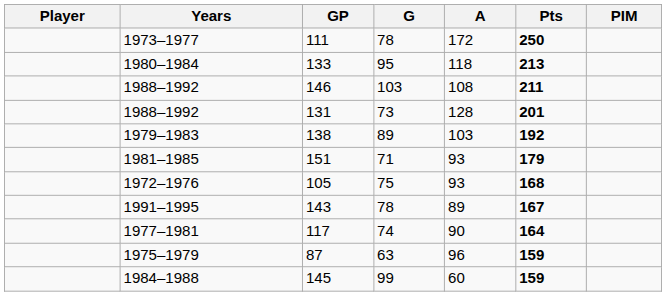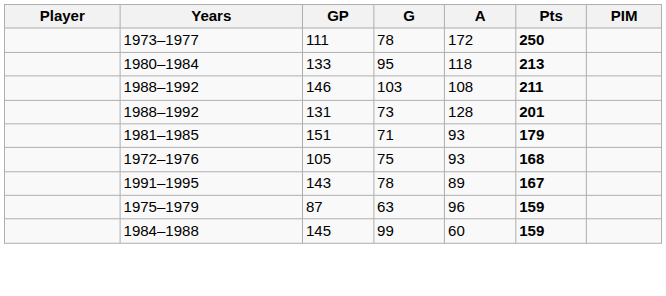 <table class="wikitable sortable" width ="700" cellpadding="1" border="1" cellspacing="0">
 <tr>
 <th>Player</th>
 <th>Years</th>
 <th>GP</th>
 <th>G</th>
 <th>A</th>
 <th>Pts</th>
 <th>PIM</th>
 </tr>
 <tr>
 <td></td>
 <td>1973–1977</td>
 <td>111</td>
 <td>78</td>
 <td>172</td>
 <td><strong>250</strong></td>
 <td></td>
 </tr>
 <tr>
 <td></td>
 <td>1980–1984</td>
 <td>133</td>
 <td>95</td>
 <td>118</td>
 <td><strong>213</strong></td>
 <td></td>
 </tr>
 <tr>
 <td></td>
 <td>1988–1992</td>
 <td>146</td>
 <td>103</td>
 <td>108</td>
 <td><strong>211</strong></td>
 <td></td>
 </tr>
 <tr>
 <td></td>
 <td>1988–1992</td>
 <td>131</td>
 <td>73</td>
 <td>128</td>
 <td><strong>201</strong></td>
 <td></td>
 </tr>
 <tr>
 <td></td>
-<td>1979–1983</td>
-<td>138</td>
-<td>89</td>
-<td>103</td>
-<td><strong>192</strong></td>
-<td></td>
-</tr>
-<tr>
-<td></td>
 <td>1981–1985</td>
 <td>151</td>
 <td>71</td>
 <td>93</td>
 <td><strong>179</strong></td>
 <td></td>
 </tr>
 <tr>
 <td></td>
 <td>1972–1976</td>
 <td>105</td>
 <td>75</td>
 <td>93</td>
 <td><strong>168</strong></td>
 <td></td>
 </tr>
 <tr>
 <td></td>
 <td>1991–1995</td>
 <td>143</td>
 <td>78</td>
 <td>89</td>
 <td><strong>167</strong></td>
 <td></td>
 </tr>
 <tr>
 <td></td>
-<td>1977–1981</td>
-<td>117</td>
-<td>74</td>
-<td>90</td>
-<td><strong>164</strong></td>
-<td></td>
-</tr>
-<tr>
-<td></td>
 <td>1975–1979</td>
 <td>87</td>
 <td>63</td>
 <td>96</td>
 <td><strong>159</strong></td>
 <td></td>
 </tr>
 <tr>
 <td></td>
 <td>1984–1988</td>
 <td>145</td>
 <td>99</td>
 <td>60</td>
 <td><strong>159</strong></td>
 <td></td>
 </tr>
 </table>
